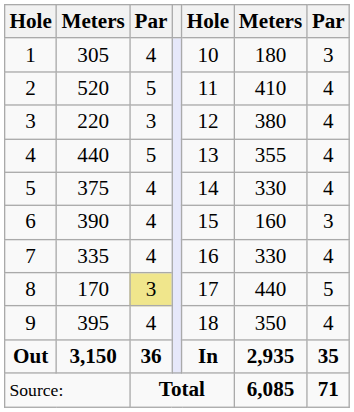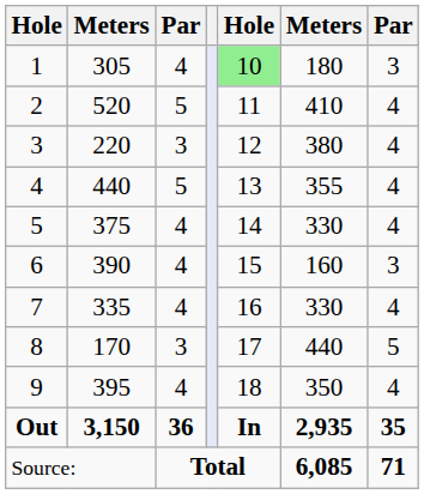 <table class="wikitable" style="text-align:center; font-size:100%;">
 <tr>
 <th>Hole</th>
 <th>Meters</th>
 <th>Par</th>
 <th></th>
 <th>Hole</th>
 <th>Meters</th>
 <th>Par</th>
 </tr>
 <tr>
 <td>1</td>
 <td>305</td>
 <td>4</td>
 <td rowspan="10" style="background:#E6E8FA;"></td>
-<td>10</td>
+<td style="background: lightgreen;">10</td>
 <td>180</td>
 <td>3</td>
 </tr>
 <tr>
 <td>2</td>
 <td>520</td>
 <td>5</td>
 <td>11</td>
 <td>410</td>
 <td>4</td>
 </tr>
 <tr>
 <td>3</td>
 <td>220</td>
 <td>3</td>
 <td>12</td>
 <td>380</td>
 <td>4</td>
 </tr>
 <tr>
 <td>4</td>
 <td>440</td>
 <td>5</td>
 <td>13</td>
 <td>355</td>
 <td>4</td>
 </tr>
 <tr>
 <td>5</td>
 <td>375</td>
 <td>4</td>
 <td>14</td>
 <td>330</td>
 <td>4</td>
 </tr>
 <tr>
 <td>6</td>
 <td>390</td>
 <td>4</td>
 <td>15</td>
 <td>160</td>
 <td>3</td>
 </tr>
 <tr>
 <td>7</td>
 <td>335</td>
 <td>4</td>
 <td>16</td>
 <td>330</td>
 <td>4</td>
 </tr>
 <tr>
 <td>8</td>
 <td>170</td>
-<td style="background: khaki;">3</td>
+<td>3</td>
 <td>17</td>
 <td>440</td>
 <td>5</td>
 </tr>
 <tr>
 <td>9</td>
 <td>395</td>
 <td>4</td>
 <td>18</td>
 <td>350</td>
 <td>4</td>
 </tr>
 <tr>
 <td><strong>Out</strong></td>
 <td><strong>3,150</strong></td>
 <td><strong>36</strong></td>
 <td><strong>In</strong></td>
 <td><strong>2,935</strong></td>
 <td><strong>35</strong></td>
 </tr>
 <tr>
 <td colspan="2" align="left"><small>Source:</small></td>
 <td colspan="3"><strong>Total</strong></td>
 <td><strong>6,085</strong></td>
 <td><strong>71</strong></td>
 </tr>
 </table>
